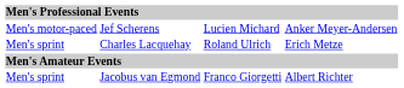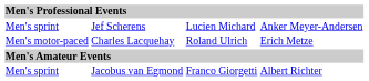 <table>
 <tr bgcolor="#cccccc">
 <td colspan=7><strong>Men's Professional Events</strong></td>
 </tr>
 <tr>
-<td><a href='#'>Men's motor-paced</a><br></td>
+<td><a href='#'>Men's sprint</a> <br></td>
 <td><a href='#'>Jef Scherens</a><br></td>
 <td><a href='#'>Lucien Michard</a><br></td>
 <td><a href='#'>Anker Meyer-Andersen</a><br></td>
 </tr>
 <tr>
-<td><a href='#'>Men's sprint</a> <br></td>
+<td><a href='#'>Men's motor-paced</a><br></td>
 <td><a href='#'>Charles Lacquehay</a><br></td>
 <td><a href='#'>Roland Ulrich</a> <br></td>
 <td><a href='#'>Erich Metze</a><br></td>
 </tr>
 <tr bgcolor="#cccccc">
 <td colspan=7><strong>Men's Amateur Events</strong></td>
 </tr>
 <tr>
 <td><a href='#'>Men's sprint</a> <br></td>
 <td><a href='#'>Jacobus van Egmond</a> <br></td>
 <td><a href='#'>Franco Giorgetti</a><br></td>
 <td><a href='#'>Albert Richter</a><br></td>
 </tr>
 </table>
